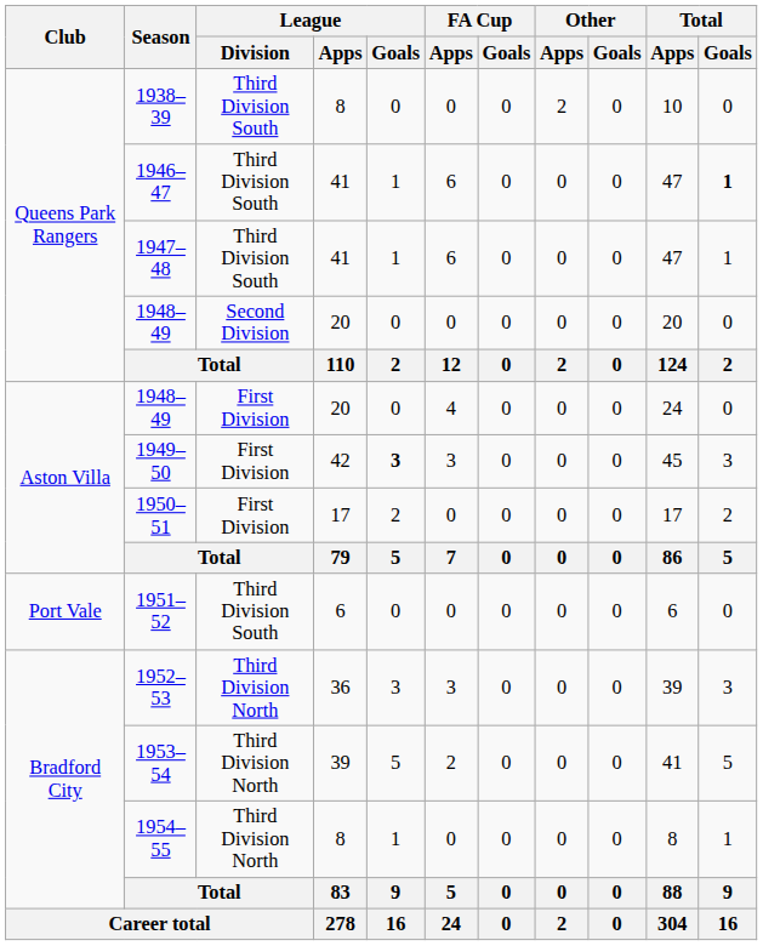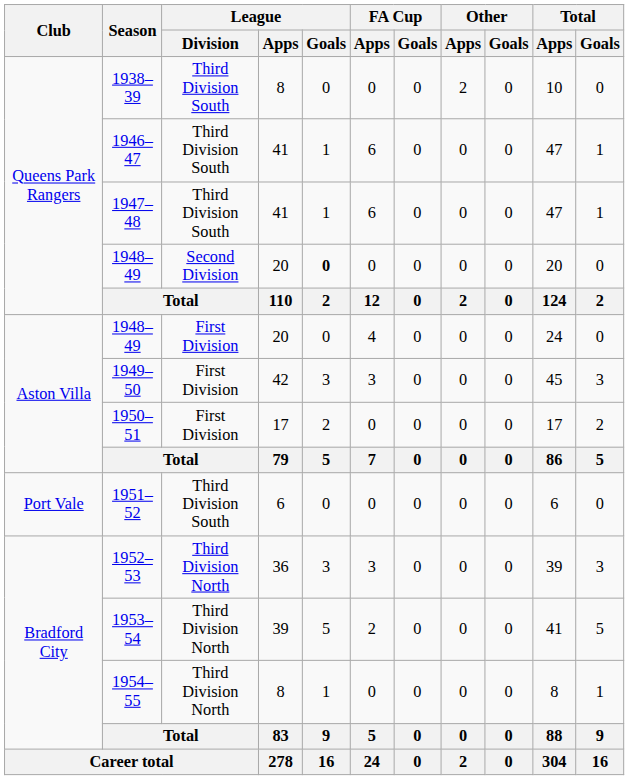 <table class="wikitable" style="text-align: center;">
 <tr>
 <th rowspan="2">Club</th>
 <th rowspan="2">Season</th>
 <th colspan="3">League</th>
 <th colspan="2">FA Cup</th>
 <th colspan="2">Other</th>
 <th colspan="2">Total</th>
 </tr>
 <tr>
 <th>Division</th>
 <th>Apps</th>
 <th>Goals</th>
 <th>Apps</th>
 <th>Goals</th>
 <th>Apps</th>
 <th>Goals</th>
 <th>Apps</th>
 <th>Goals</th>
 </tr>
 <tr>
 <td rowspan="5"><a href='#'>Queens Park Rangers</a></td>
 <td><a href='#'>1938–39</a></td>
 <td><a href='#'>Third Division South</a></td>
 <td>8</td>
 <td>0</td>
 <td>0</td>
 <td>0</td>
 <td>2</td>
 <td>0</td>
 <td>10</td>
 <td>0</td>
 </tr>
 <tr>
 <td><a href='#'>1946–47</a></td>
 <td>Third Division South</td>
 <td>41</td>
 <td>1</td>
 <td>6</td>
 <td>0</td>
 <td>0</td>
 <td>0</td>
 <td>47</td>
-<td><strong>1</strong></td>
+<td>1</td>
 </tr>
 <tr>
 <td><a href='#'>1947–48</a></td>
 <td>Third Division South</td>
 <td>41</td>
 <td>1</td>
 <td>6</td>
 <td>0</td>
 <td>0</td>
 <td>0</td>
 <td>47</td>
 <td>1</td>
 </tr>
 <tr>
 <td><a href='#'>1948–49</a></td>
 <td><a href='#'>Second Division</a></td>
 <td>20</td>
-<td>0</td>
+<td><strong>0</strong></td>
 <td>0</td>
 <td>0</td>
 <td>0</td>
 <td>0</td>
 <td>20</td>
 <td>0</td>
 </tr>
 <tr>
 <th colspan="2">Total</th>
 <th>110</th>
 <th>2</th>
 <th>12</th>
 <th>0</th>
 <th>2</th>
 <th>0</th>
 <th>124</th>
 <th>2</th>
 </tr>
 <tr>
 <td rowspan="4"><a href='#'>Aston Villa</a></td>
 <td><a href='#'>1948–49</a></td>
 <td><a href='#'>First Division</a></td>
 <td>20</td>
 <td>0</td>
 <td>4</td>
 <td>0</td>
 <td>0</td>
 <td>0</td>
 <td>24</td>
 <td>0</td>
 </tr>
 <tr>
 <td><a href='#'>1949–50</a></td>
 <td>First Division</td>
 <td>42</td>
-<td><strong>3</strong></td>
+<td>3</td>
 <td>3</td>
 <td>0</td>
 <td>0</td>
 <td>0</td>
 <td>45</td>
 <td>3</td>
 </tr>
 <tr>
 <td><a href='#'>1950–51</a></td>
 <td>First Division</td>
 <td>17</td>
 <td>2</td>
 <td>0</td>
 <td>0</td>
 <td>0</td>
 <td>0</td>
 <td>17</td>
 <td>2</td>
 </tr>
 <tr>
 <th colspan="2">Total</th>
 <th>79</th>
 <th>5</th>
 <th>7</th>
 <th>0</th>
 <th>0</th>
 <th>0</th>
 <th>86</th>
 <th>5</th>
 </tr>
 <tr>
 <td><a href='#'>Port Vale</a></td>
 <td><a href='#'>1951–52</a></td>
 <td>Third Division South</td>
 <td>6</td>
 <td>0</td>
 <td>0</td>
 <td>0</td>
 <td>0</td>
 <td>0</td>
 <td>6</td>
 <td>0</td>
 </tr>
 <tr>
 <td rowspan="4"><a href='#'>Bradford City</a></td>
 <td><a href='#'>1952–53</a></td>
 <td><a href='#'>Third Division North</a></td>
 <td>36</td>
 <td>3</td>
 <td>3</td>
 <td>0</td>
 <td>0</td>
 <td>0</td>
 <td>39</td>
 <td>3</td>
 </tr>
 <tr>
 <td><a href='#'>1953–54</a></td>
 <td>Third Division North</td>
 <td>39</td>
 <td>5</td>
 <td>2</td>
 <td>0</td>
 <td>0</td>
 <td>0</td>
 <td>41</td>
 <td>5</td>
 </tr>
 <tr>
 <td><a href='#'>1954–55</a></td>
 <td>Third Division North</td>
 <td>8</td>
 <td>1</td>
 <td>0</td>
 <td>0</td>
 <td>0</td>
 <td>0</td>
 <td>8</td>
 <td>1</td>
 </tr>
 <tr>
 <th colspan="2">Total</th>
 <th>83</th>
 <th>9</th>
 <th>5</th>
 <th>0</th>
 <th>0</th>
 <th>0</th>
 <th>88</th>
 <th>9</th>
 </tr>
 <tr>
 <th colspan="3">Career total</th>
 <th>278</th>
 <th>16</th>
 <th>24</th>
 <th>0</th>
 <th>2</th>
 <th>0</th>
 <th>304</th>
 <th>16</th>
 </tr>
 </table>
